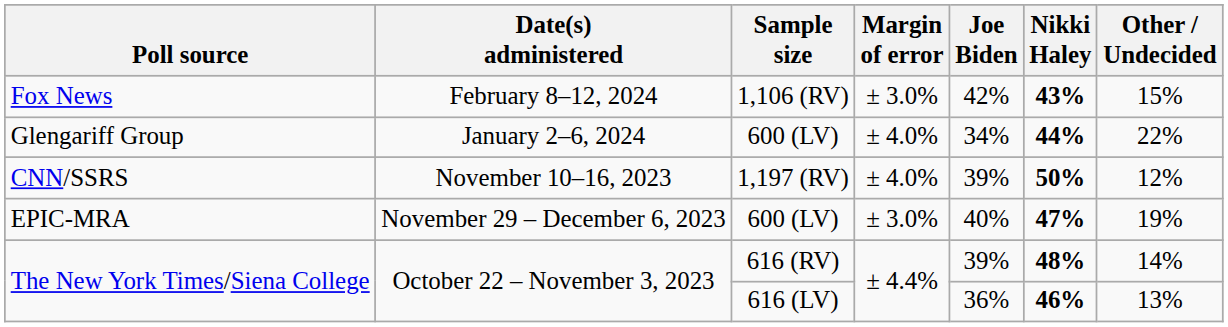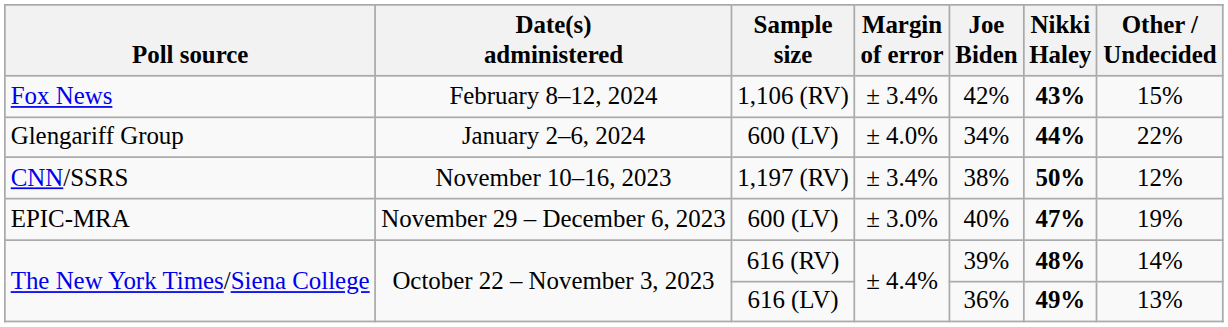 <table class="wikitable sortable mw-datatable" style="font-size:90%;text-align:center;line-height:17px">
 <tr style="vertical-align:bottom">
 <th>Poll source</th>
 <th>Date(s)<br>administered</th>
 <th>Sample<br>size</th>
 <th>Margin<br>of error</th>
 <th class="unsortable">Joe<br>Biden<br></th>
 <th class="unsortable">Nikki<br>Haley<br></th>
 <th class="unsortable">Other /<br>Undecided</th>
 </tr>
 <tr>
 <td style="text-align:left;"><a href='#'>Fox News</a></td>
 <td data-sort-value="2024-02-14">February 8–12, 2024</td>
 <td>1,106 (RV)</td>
-<td>± 3.0%</td>
+<td>± 3.4%</td>
 <td>42%</td>
 <td style="background-color:"><strong>43%</strong></td>
 <td>15%</td>
 </tr>
 <tr>
 <td style="text-align:left;">Glengariff Group</td>
 <td data-sort-value="2024-01-07">January 2–6, 2024</td>
 <td>600 (LV)</td>
 <td>± 4.0%</td>
 <td>34%</td>
 <td style="background-color:"><strong>44%</strong></td>
 <td>22%</td>
 </tr>
 <tr>
 <td style="text-align:left;"><a href='#'>CNN</a>/SSRS</td>
 <td data-sort-value="2023-11-09">November 10–16, 2023</td>
 <td>1,197 (RV)</td>
-<td>± 4.0%</td>
-<td>39%</td>
+<td>± 3.4%</td>
+<td>38%</td>
 <td style="background-color:"><strong>50%</strong></td>
 <td>12%</td>
 </tr>
 <tr>
 <td style="text-align:left;">EPIC-MRA</td>
 <td data-sort-value="2023-11-09">November 29 – December 6, 2023</td>
 <td>600 (LV)</td>
 <td>± 3.0%</td>
 <td>40%</td>
 <td style="background-color:"><strong>47%</strong></td>
 <td>19%</td>
 </tr>
 <tr>
 <td style="text-align:left;" rowspan="2"><a href='#'>The New York Times</a>/<a href='#'>Siena College</a></td>
 <td rowspan="2">October 22 – November 3, 2023</td>
 <td>616 (RV)</td>
 <td rowspan="2">± 4.4%</td>
 <td>39%</td>
 <td style="background-color:"><strong>48%</strong></td>
 <td>14%</td>
 </tr>
 <tr>
 <td>616 (LV)</td>
 <td>36%</td>
-<td style="background-color:"><strong>46%</strong></td>
+<td style="background-color:"><strong>49%</strong></td>
 <td>13%</td>
 </tr>
 </table>
